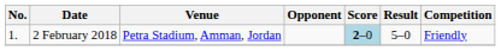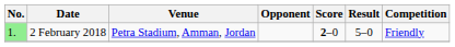 <table class="wikitable">
 <tr>
 <th>No.</th>
 <th>Date</th>
 <th>Venue</th>
 <th>Opponent</th>
 <th>Score</th>
 <th>Result</th>
 <th>Competition</th>
 </tr>
 <tr>
-<td>1.</td>
+<td style="background: lightgreen;">1.</td>
 <td>2 February 2018</td>
 <td><a href='#'>Petra Stadium</a>, <a href='#'>Amman</a>, <a href='#'>Jordan</a></td>
 <td></td>
-<td align=center style="background: lightblue;"><strong>2</strong>–0</td>
+<td align=center><strong>2</strong>–0</td>
 <td align=center>5–0</td>
 <td><a href='#'>Friendly</a></td>
 </tr>
 <tr>
 </tr>
 </table>
